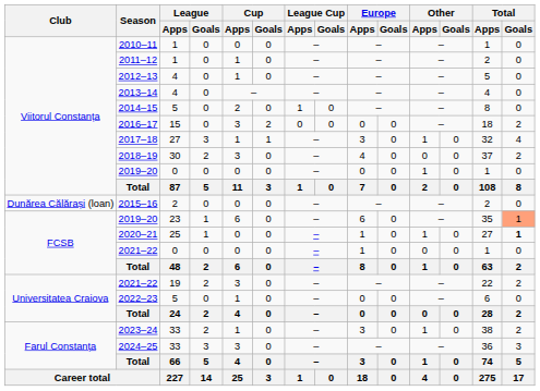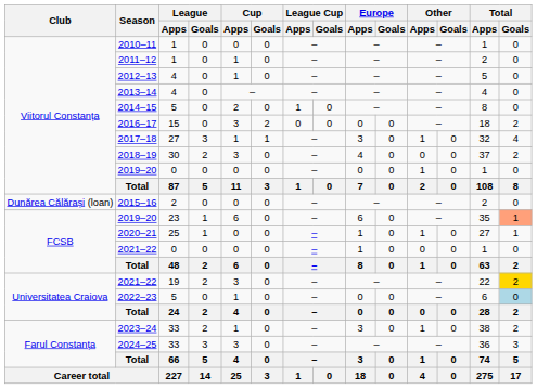 <table class="wikitable" style="font-size:90%; text-align: center;">
 <tr>
 <th rowspan="2">Club</th>
 <th rowspan="2">Season</th>
 <th colspan="2">League</th>
 <th colspan="2">Cup</th>
 <th colspan="2">League Cup</th>
 <th colspan="2"><a href='#'>Europe</a></th>
 <th colspan="2">Other</th>
 <th colspan="3">Total</th>
 </tr>
 <tr>
 <th>Apps</th>
 <th>Goals</th>
 <th>Apps</th>
 <th>Goals</th>
 <th>Apps</th>
 <th>Goals</th>
 <th>Apps</th>
 <th>Goals</th>
 <th>Apps</th>
 <th>Goals</th>
 <th>Apps</th>
 <th>Goals</th>
 </tr>
 <tr>
 <td rowspan="10"><a href='#'>Viitorul Constanța</a></td>
 <td><a href='#'>2010–11</a></td>
 <td>1</td>
 <td>0</td>
 <td>0</td>
 <td>0</td>
 <td colspan="2">–</td>
 <td colspan="2">–</td>
 <td colspan="2">–</td>
 <td>1</td>
 <td>0</td>
 </tr>
 <tr>
 <td><a href='#'>2011–12</a></td>
 <td>1</td>
 <td>0</td>
 <td>1</td>
 <td>0</td>
 <td colspan="2">–</td>
 <td colspan="2">–</td>
 <td colspan="2">–</td>
 <td>2</td>
 <td>0</td>
 </tr>
 <tr>
 <td><a href='#'>2012–13</a></td>
 <td>4</td>
 <td>0</td>
 <td>1</td>
 <td>0</td>
 <td colspan="2">–</td>
 <td colspan="2">–</td>
 <td colspan="2">–</td>
 <td>5</td>
 <td>0</td>
 </tr>
 <tr>
 <td><a href='#'>2013–14</a></td>
 <td>4</td>
 <td>0</td>
 <td colspan="2">–</td>
 <td colspan="2">–</td>
 <td colspan="2">–</td>
 <td colspan="2">–</td>
 <td>4</td>
 <td>0</td>
 </tr>
 <tr>
 <td><a href='#'>2014–15</a></td>
 <td>5</td>
 <td>0</td>
 <td>2</td>
 <td>0</td>
 <td>1</td>
 <td>0</td>
 <td colspan="2">–</td>
 <td colspan="2">–</td>
 <td>8</td>
 <td>0</td>
 </tr>
 <tr>
 <td><a href='#'>2016–17</a></td>
 <td>15</td>
 <td>0</td>
 <td>3</td>
 <td>2</td>
 <td>0</td>
 <td>0</td>
 <td>0</td>
 <td>0</td>
 <td colspan="2">–</td>
 <td>18</td>
 <td>2</td>
 </tr>
 <tr>
 <td><a href='#'>2017–18</a></td>
 <td>27</td>
 <td>3</td>
 <td>1</td>
 <td>1</td>
 <td colspan="2">–</td>
 <td>3</td>
 <td>0</td>
 <td>1</td>
 <td>0</td>
 <td>32</td>
 <td>4</td>
 </tr>
 <tr>
 <td><a href='#'>2018–19</a></td>
 <td>30</td>
 <td>2</td>
 <td>3</td>
 <td>0</td>
 <td colspan="2">–</td>
 <td>4</td>
 <td>0</td>
 <td>0</td>
 <td>0</td>
 <td>37</td>
 <td>2</td>
 </tr>
 <tr>
 <td><a href='#'>2019–20</a></td>
 <td>0</td>
 <td>0</td>
 <td>0</td>
 <td>0</td>
 <td colspan="2">–</td>
 <td>0</td>
 <td>0</td>
 <td>1</td>
 <td>0</td>
 <td>1</td>
 <td>0</td>
 </tr>
 <tr>
 <th>Total</th>
 <th>87</th>
 <th>5</th>
 <th>11</th>
 <th>3</th>
 <th>1</th>
 <th>0</th>
 <th>7</th>
 <th>0</th>
 <th>2</th>
 <th>0</th>
 <th>108</th>
 <th>8</th>
 </tr>
 <tr>
 <td><a href='#'>Dunărea Călărași</a> (loan)</td>
 <td><a href='#'>2015–16</a></td>
 <td>2</td>
 <td>0</td>
 <td>0</td>
 <td>0</td>
 <td colspan="2">–</td>
 <td colspan="2">–</td>
 <td colspan="2">–</td>
 <td>2</td>
 <td>0</td>
 </tr>
 <tr>
 <td rowspan="4"><a href='#'>FCSB</a></td>
 <td><a href='#'>2019–20</a></td>
 <td>23</td>
 <td>1</td>
 <td>6</td>
 <td>0</td>
 <td colspan="2">–</td>
 <td>6</td>
 <td>0</td>
 <td colspan="2">–</td>
 <td>35</td>
 <td style="background: lightsalmon;">1</td>
 </tr>
 <tr>
 <td><a href='#'>2020–21</a></td>
 <td>25</td>
 <td>1</td>
 <td>0</td>
 <td>0</td>
 <td colspan="2"><a href='#'>–</a></td>
 <td>1</td>
 <td>0</td>
 <td>1</td>
 <td>0</td>
 <td>27</td>
-<td><strong>1</strong></td>
+<td>1</td>
 </tr>
 <tr>
 <td><a href='#'>2021–22</a></td>
 <td>0</td>
 <td>0</td>
 <td>0</td>
 <td>0</td>
 <td colspan="2"><a href='#'>–</a></td>
 <td>1</td>
 <td>0</td>
 <td>0</td>
 <td>0</td>
 <td>1</td>
 <td>0</td>
 </tr>
 <tr>
 <th>Total</th>
 <th>48</th>
 <th>2</th>
 <th>6</th>
 <th>0</th>
 <th colspan="2"><a href='#'>–</a></th>
 <th>8</th>
 <th>0</th>
 <th>1</th>
 <th>0</th>
 <th>63</th>
 <th>2</th>
 </tr>
 <tr>
 <td rowspan="3"><a href='#'>Universitatea Craiova</a></td>
 <td><a href='#'>2021–22</a></td>
 <td>19</td>
 <td>2</td>
 <td>3</td>
 <td>0</td>
 <td colspan="2">–</td>
 <td colspan="2">–</td>
 <td colspan="2">–</td>
 <td>22</td>
-<td>2</td>
+<td style="background: gold;">2</td>
 </tr>
 <tr>
 <td><a href='#'>2022–23</a></td>
 <td>5</td>
 <td>0</td>
 <td>1</td>
 <td>0</td>
 <td colspan="2">–</td>
 <td>0</td>
 <td>0</td>
 <td colspan="2">–</td>
 <td>6</td>
-<td>0</td>
+<td style="background: lightblue;">0</td>
 </tr>
 <tr>
 <th>Total</th>
 <th>24</th>
 <th>2</th>
 <th>4</th>
 <th>0</th>
 <th colspan="2">–</th>
 <th>0</th>
 <th>0</th>
 <th>0</th>
 <th>0</th>
 <th>28</th>
 <th>2</th>
 </tr>
 <tr>
 <td rowspan="3"><a href='#'>Farul Constanța</a></td>
 <td><a href='#'>2023–24</a></td>
 <td>33</td>
 <td>2</td>
 <td>1</td>
 <td>0</td>
 <td colspan="2">–</td>
 <td>3</td>
 <td>0</td>
 <td>1</td>
 <td>0</td>
 <td>38</td>
 <td>2</td>
 </tr>
 <tr>
 <td><a href='#'>2024–25</a></td>
 <td>33</td>
 <td>3</td>
 <td>3</td>
 <td>0</td>
 <td colspan="2">–</td>
 <td colspan="2">–</td>
 <td colspan="2">–</td>
 <td>36</td>
 <td>3</td>
 </tr>
 <tr>
 <th>Total</th>
 <th>66</th>
 <th>5</th>
 <th>4</th>
 <th>0</th>
 <th colspan="2">–</th>
 <th>3</th>
 <th>0</th>
 <th>1</th>
 <th>0</th>
 <th>74</th>
 <th>5</th>
 </tr>
 <tr>
 <th colspan="2">Career total</th>
 <th>227</th>
 <th>14</th>
 <th>25</th>
 <th>3</th>
 <th>1</th>
 <th>0</th>
 <th>18</th>
 <th>0</th>
 <th>4</th>
 <th>0</th>
 <th>275</th>
 <th>17</th>
 </tr>
 </table>
